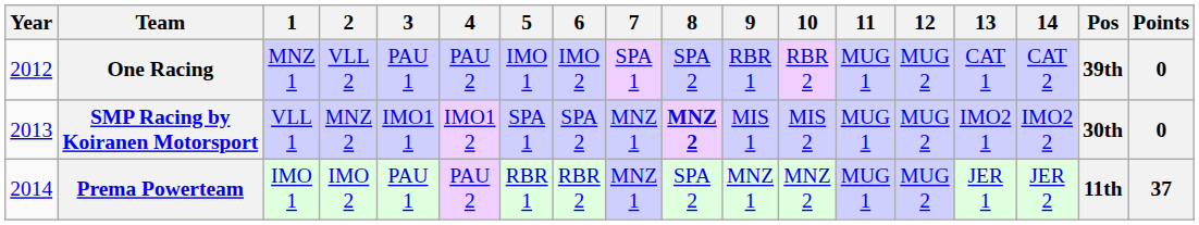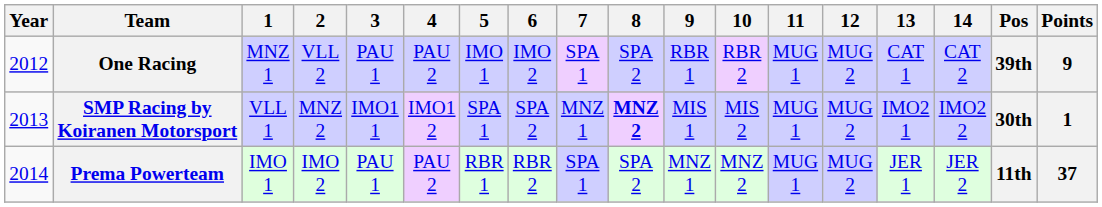 <table class="wikitable" style="text-align:center; font-size:85%">
 <tr>
 <th>Year</th>
 <th>Team</th>
 <th>1</th>
 <th>2</th>
 <th>3</th>
 <th>4</th>
 <th>5</th>
 <th>6</th>
 <th>7</th>
 <th>8</th>
 <th>9</th>
 <th>10</th>
 <th>11</th>
 <th>12</th>
 <th>13</th>
 <th>14</th>
 <th>Pos</th>
 <th>Points</th>
 </tr>
 <tr>
 <td><a href='#'>2012</a></td>
 <th nowrap>One Racing</th>
 <td style="background:#CFCFFF;"><a href='#'>MNZ<br>1</a><br></td>
 <td style="background:#CFCFFF;"><a href='#'>VLL<br>2</a><br></td>
 <td style="background:#CFCFFF;"><a href='#'>PAU<br>1</a><br></td>
 <td style="background:#CFCFFF;"><a href='#'>PAU<br>2</a><br></td>
 <td style="background:#CFCFFF;"><a href='#'>IMO<br>1</a><br></td>
 <td style="background:#CFCFFF;"><a href='#'>IMO<br>2</a><br></td>
 <td style="background:#EFCFFF;"><a href='#'>SPA<br>1</a><br></td>
 <td style="background:#CFCFFF;"><a href='#'>SPA<br>2</a><br></td>
 <td style="background:#CFCFFF;"><a href='#'>RBR<br>1</a><br></td>
 <td style="background:#EFCFFF;"><a href='#'>RBR<br>2</a><br></td>
 <td style="background:#CFCFFF;"><a href='#'>MUG<br>1</a><br></td>
 <td style="background:#CFCFFF;"><a href='#'>MUG<br>2</a><br></td>
 <td style="background:#CFCFFF;"><a href='#'>CAT<br>1</a><br></td>
 <td style="background:#CFCFFF;"><a href='#'>CAT<br>2</a><br></td>
 <th>39th</th>
-<th>0</th>
+<th>9</th>
 </tr>
 <tr>
 <td><a href='#'>2013</a></td>
 <th nowrap><a href='#'>SMP Racing by<br>Koiranen Motorsport</a></th>
 <td style="background:#CFCFFF;"><a href='#'>VLL<br>1</a><br></td>
 <td style="background:#CFCFFF;"><a href='#'>MNZ<br>2</a><br></td>
 <td style="background:#CFCFFF;"><a href='#'>IMO1<br>1</a><br></td>
 <td style="background:#EFCFFF;"><a href='#'>IMO1<br>2</a><br></td>
 <td style="background:#CFCFFF;"><a href='#'>SPA<br>1</a><br></td>
 <td style="background:#CFCFFF;"><a href='#'>SPA<br>2</a><br></td>
 <td style="background:#CFCFFF;"><a href='#'>MNZ<br>1</a><br></td>
 <td style="background:#EFCFFF;"><strong><a href='#'>MNZ<br>2</a><br></strong></td>
 <td style="background:#CFCFFF;"><a href='#'>MIS<br>1</a><br></td>
 <td style="background:#CFCFFF;"><a href='#'>MIS<br>2</a><br></td>
 <td style="background:#CFCFFF;"><a href='#'>MUG<br>1</a><br></td>
 <td style="background:#CFCFFF;"><a href='#'>MUG<br>2</a><br></td>
 <td style="background:#CFCFFF;"><a href='#'>IMO2<br>1</a><br></td>
 <td style="background:#CFCFFF;"><a href='#'>IMO2<br>2</a><br></td>
 <th>30th</th>
-<th>0</th>
+<th>1</th>
 </tr>
 <tr>
 <td><a href='#'>2014</a></td>
 <th><a href='#'>Prema Powerteam</a></th>
 <td style="background:#DFFFDD;"><a href='#'>IMO<br>1</a><br></td>
 <td style="background:#DFFFDF;"><a href='#'>IMO<br>2</a><br></td>
 <td style="background:#DFFFDF;"><a href='#'>PAU<br>1</a><br></td>
 <td style="background:#EFCFFF;"><a href='#'>PAU<br>2</a><br></td>
 <td style="background:#DFFFDF;"><a href='#'>RBR<br>1</a><br></td>
 <td style="background:#DFFFDF;"><a href='#'>RBR<br>2</a><br></td>
-<td style="background:#CFCFFF;"><a href='#'>MNZ<br>1</a><br></td>
+<td style="background:#CFCFFF;"><a href='#'>SPA<br>1</a><br></td>
 <td style="background:#DFFFDF;"><a href='#'>SPA<br>2</a><br></td>
 <td style="background:#DFFFDF;"><a href='#'>MNZ<br>1</a><br></td>
 <td style="background:#DFFFDF;"><a href='#'>MNZ<br>2</a><br></td>
 <td style="background:#CFCFFF;"><a href='#'>MUG<br>1</a><br></td>
 <td style="background:#CFCFFF;"><a href='#'>MUG<br>2</a><br></td>
 <td style="background:#DFFFDF;"><a href='#'>JER<br>1</a><br></td>
 <td style="background:#DFFFDF;"><a href='#'>JER<br>2</a><br></td>
 <th>11th</th>
 <th>37</th>
 </tr>
 </table>
